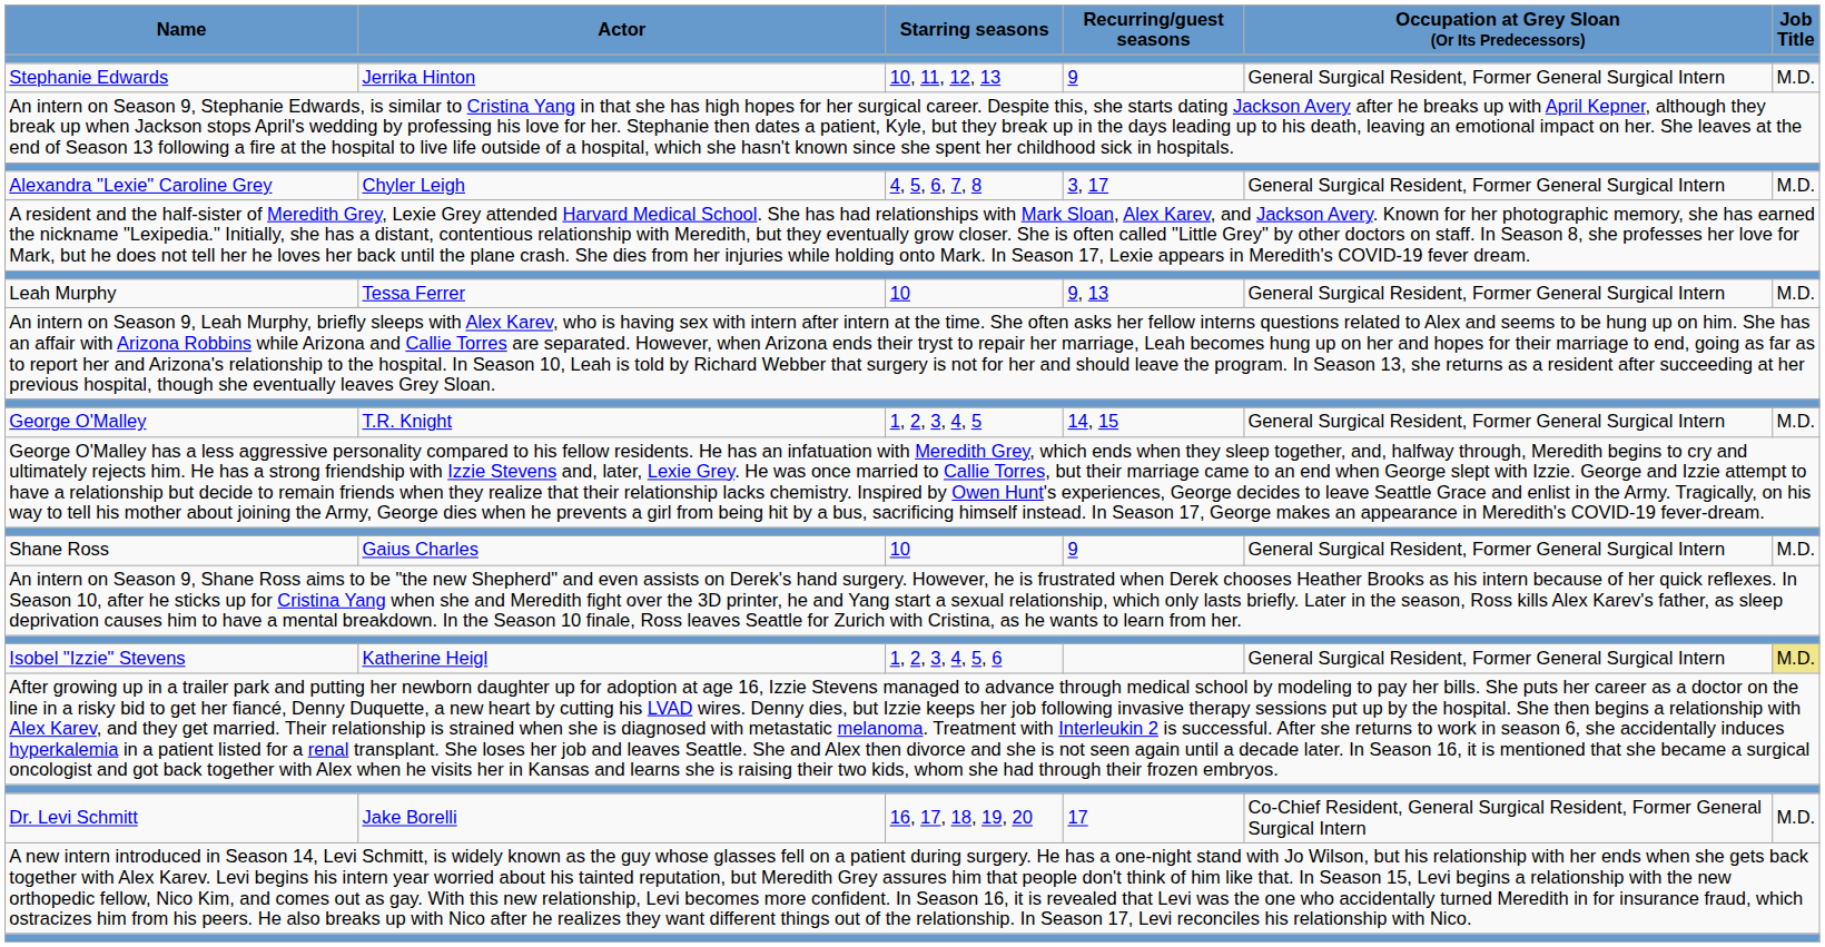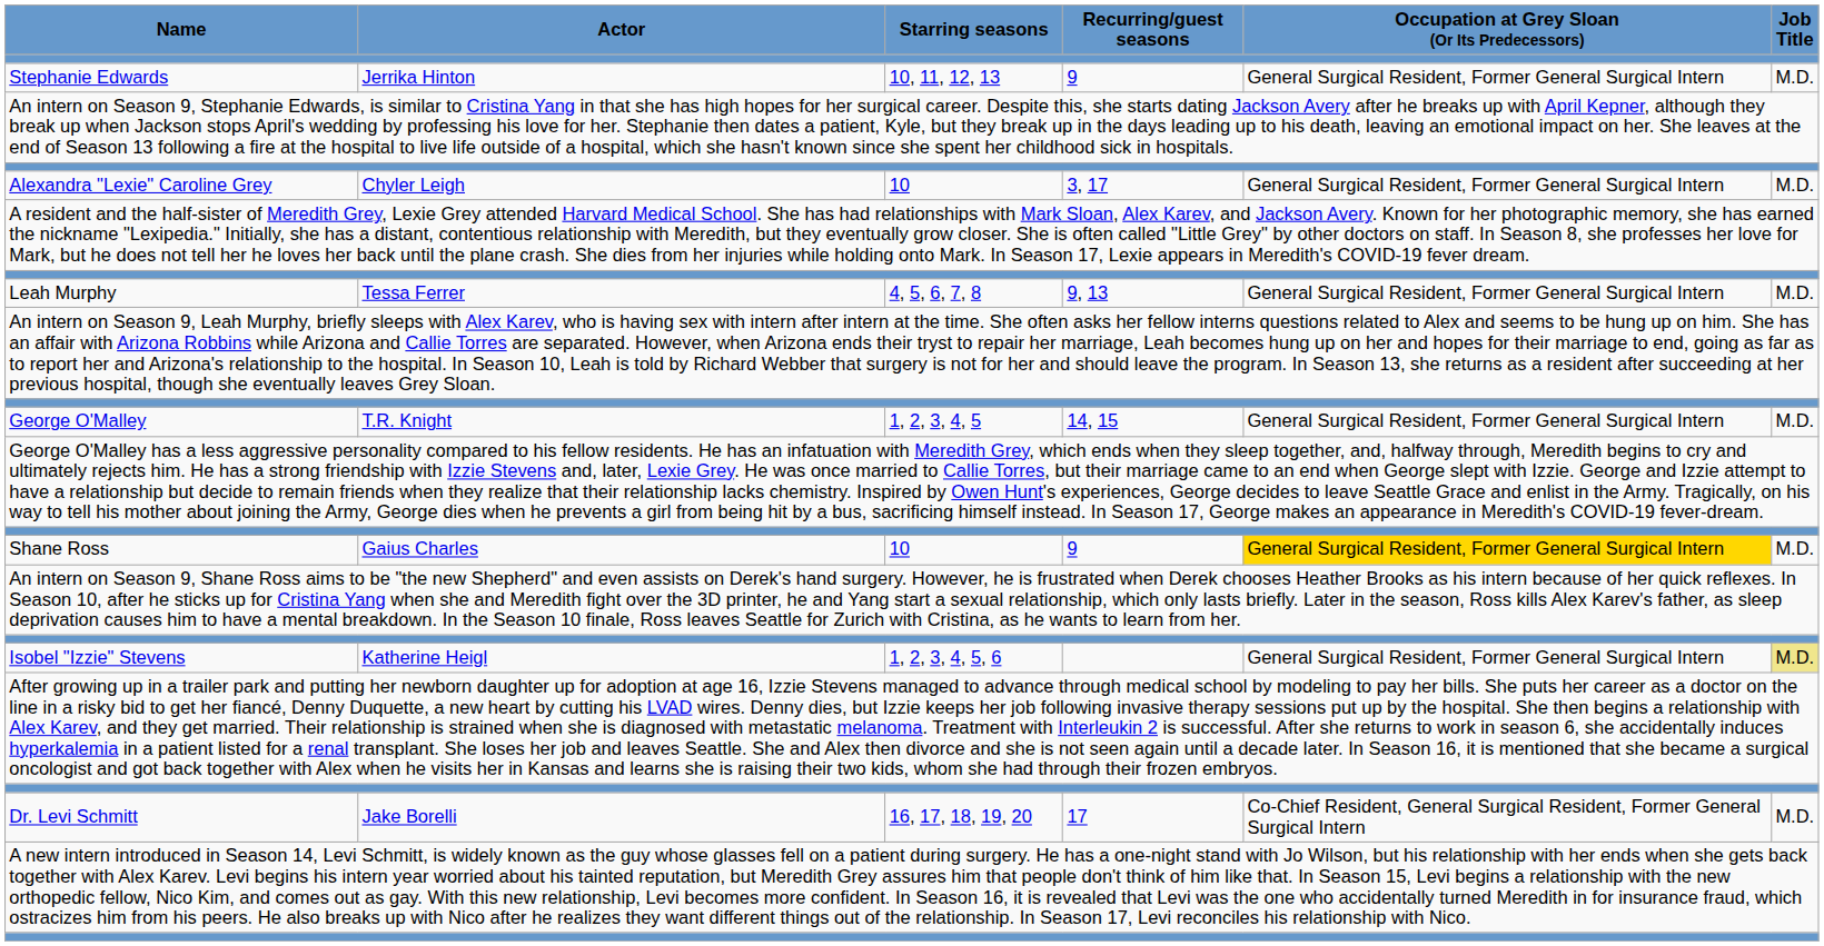 <table class="wikitable" style="width:100%; margin-right:auto;">
 <tr>
 <th style="background-color:#6699CC; width:20%">Name</th>
 <th style="background-color:#6699CC; width:30%">Actor</th>
 <th style="background-color:#6699CC; width:10%">Starring seasons</th>
 <th style="background-color:#6699CC; width:10%">Recurring/guest seasons</th>
 <th style="background-color:#6699CC; width:30%">Occupation at Grey Sloan<br><small>(Or Its Predecessors)</small></th>
 <th style="background-color:#6699CC; width:30%">Job Title</th>
 </tr>
 <tr>
 <td colspan="7" bgcolor="#6699CC"></td>
 </tr>
 <tr>
 <td><a href='#'>Stephanie Edwards</a></td>
 <td><a href='#'>Jerrika Hinton</a></td>
 <td><a href='#'>10</a>, <a href='#'>11</a>, <a href='#'>12</a>, <a href='#'>13</a></td>
 <td><a href='#'>9</a></td>
 <td>General Surgical Resident, Former General Surgical Intern</td>
 <td>M.D.</td>
 </tr>
 <tr>
 <td colspan="7">An intern on Season 9, Stephanie Edwards, is similar to <a href='#'>Cristina Yang</a> in that she has high hopes for her surgical career. Despite this, she starts dating <a href='#'>Jackson Avery</a> after he breaks up with <a href='#'>April Kepner</a>, although they break up when Jackson stops April's wedding by professing his love for her. Stephanie then dates a patient, Kyle, but they break up in the days leading up to his death, leaving an emotional impact on her. She leaves at the end of Season 13 following a fire at the hospital to live life outside of a hospital, which she hasn't known since she spent her childhood sick in hospitals.</td>
 </tr>
 <tr>
 <td colspan="7" bgcolor="#6699CC"></td>
 </tr>
 <tr>
 <td><a href='#'>Alexandra "Lexie" Caroline Grey</a></td>
 <td><a href='#'>Chyler Leigh</a></td>
-<td><a href='#'>4</a>, <a href='#'>5</a>, <a href='#'>6</a>, <a href='#'>7</a>, <a href='#'>8</a></td>
+<td><a href='#'>10</a></td>
 <td><a href='#'>3</a>, <a href='#'>17</a></td>
 <td>General Surgical Resident, Former General Surgical Intern</td>
 <td>M.D.</td>
 </tr>
 <tr>
 <td colspan="7">A resident and the half-sister of <a href='#'>Meredith Grey</a>, Lexie Grey attended <a href='#'>Harvard Medical School</a>. She has had relationships with <a href='#'>Mark Sloan</a>, <a href='#'>Alex Karev</a>, and <a href='#'>Jackson Avery</a>. Known for her photographic memory, she has earned the nickname "Lexipedia." Initially, she has a distant, contentious relationship with Meredith, but they eventually grow closer. She is often called "Little Grey" by other doctors on staff. In Season 8, she professes her love for Mark, but he does not tell her he loves her back until the plane crash. She dies from her injuries while holding onto Mark. In Season 17, Lexie appears in Meredith's COVID-19 fever dream.</td>
 </tr>
 <tr>
 <td colspan="7" bgcolor="#6699CC"></td>
 </tr>
 <tr>
 <td>Leah Murphy</td>
 <td><a href='#'>Tessa Ferrer</a></td>
-<td><a href='#'>10</a></td>
+<td><a href='#'>4</a>, <a href='#'>5</a>, <a href='#'>6</a>, <a href='#'>7</a>, <a href='#'>8</a></td>
 <td><a href='#'>9</a>, <a href='#'>13</a></td>
 <td>General Surgical Resident, Former General Surgical Intern</td>
 <td>M.D.</td>
 </tr>
 <tr>
 <td colspan="7">An intern on Season 9, Leah Murphy, briefly sleeps with <a href='#'>Alex Karev</a>, who is having sex with intern after intern at the time. She often asks her fellow interns questions related to Alex and seems to be hung up on him. She has an affair with <a href='#'>Arizona Robbins</a> while Arizona and <a href='#'>Callie Torres</a> are separated. However, when Arizona ends their tryst to repair her marriage, Leah becomes hung up on her and hopes for their marriage to end, going as far as to report her and Arizona's relationship to the hospital. In Season 10, Leah is told by Richard Webber that surgery is not for her and should leave the program. In Season 13, she returns as a resident after succeeding at her previous hospital, though she eventually leaves Grey Sloan.</td>
 </tr>
 <tr>
 <td colspan="7" bgcolor="#6699CC"></td>
 </tr>
 <tr>
 <td><a href='#'>George O'Malley</a></td>
 <td><a href='#'>T.R. Knight</a></td>
 <td><a href='#'>1</a>, <a href='#'>2</a>, <a href='#'>3</a>, <a href='#'>4</a>, <a href='#'>5</a></td>
 <td><a href='#'>14</a>, <a href='#'>15</a></td>
 <td>General Surgical Resident, Former General Surgical Intern</td>
 <td>M.D.</td>
 </tr>
 <tr>
 <td colspan="7">George O'Malley has a less aggressive personality compared to his fellow residents. He has an infatuation with <a href='#'>Meredith Grey</a>, which ends when they sleep together, and, halfway through, Meredith begins to cry and ultimately rejects him. He has a strong friendship with <a href='#'>Izzie Stevens</a> and, later, <a href='#'>Lexie Grey</a>. He was once married to <a href='#'>Callie Torres</a>, but their marriage came to an end when George slept with Izzie. George and Izzie attempt to have a relationship but decide to remain friends when they realize that their relationship lacks chemistry. Inspired by <a href='#'>Owen Hunt</a>'s experiences, George decides to leave Seattle Grace and enlist in the Army. Tragically, on his way to tell his mother about joining the Army, George dies when he prevents a girl from being hit by a bus, sacrificing himself instead. In Season 17, George makes an appearance in Meredith's COVID-19 fever-dream.</td>
 </tr>
 <tr>
 <td colspan="7" bgcolor="#6699CC"></td>
 </tr>
 <tr>
 <td>Shane Ross</td>
 <td><a href='#'>Gaius Charles</a></td>
 <td><a href='#'>10</a></td>
 <td><a href='#'>9</a></td>
-<td>General Surgical Resident, Former General Surgical Intern</td>
+<td style="background: gold;">General Surgical Resident, Former General Surgical Intern</td>
 <td>M.D.</td>
 </tr>
 <tr>
 <td colspan="7">An intern on Season 9, Shane Ross aims to be "the new Shepherd" and even assists on Derek's hand surgery. However, he is frustrated when Derek chooses Heather Brooks as his intern because of her quick reflexes. In Season 10, after he sticks up for <a href='#'>Cristina Yang</a> when she and Meredith fight over the 3D printer, he and Yang start a sexual relationship, which only lasts briefly. Later in the season, Ross kills Alex Karev's father, as sleep deprivation causes him to have a mental breakdown. In the Season 10 finale, Ross leaves Seattle for Zurich with Cristina, as he wants to learn from her.</td>
 </tr>
 <tr>
 <td colspan="7" bgcolor ="#6699CC"></td>
 </tr>
 <tr>
 <td><a href='#'>Isobel "Izzie" Stevens</a></td>
 <td><a href='#'>Katherine Heigl</a></td>
 <td><a href='#'>1</a>, <a href='#'>2</a>, <a href='#'>3</a>, <a href='#'>4</a>, <a href='#'>5</a>, <a href='#'>6</a></td>
 <td></td>
 <td>General Surgical Resident, Former General Surgical Intern</td>
 <td style="background: khaki;">M.D.</td>
 </tr>
 <tr>
 <td colspan="7">After growing up in a trailer park and putting her newborn daughter up for adoption at age 16, Izzie Stevens managed to advance through medical school by modeling to pay her bills. She puts her career as a doctor on the line in a risky bid to get her fiancé, Denny Duquette, a new heart by cutting his <a href='#'>LVAD</a> wires. Denny dies, but Izzie keeps her job following invasive therapy sessions put up by the hospital. She then begins a relationship with <a href='#'>Alex Karev</a>, and they get married. Their relationship is strained when she is diagnosed with metastatic <a href='#'>melanoma</a>. Treatment with <a href='#'>Interleukin 2</a> is successful. After she returns to work in season 6, she accidentally induces <a href='#'>hyperkalemia</a> in a patient listed for a <a href='#'>renal</a> transplant. She loses her job and leaves Seattle. She and Alex then divorce and she is not seen again until a decade later. In Season 16, it is mentioned that she became a surgical oncologist and got back together with Alex when he visits her in Kansas and learns she is raising their two kids, whom she had through their frozen embryos.</td>
 </tr>
 <tr>
 <td colspan="7" bgcolor="#6699CC"></td>
 </tr>
 <tr>
 <td><a href='#'>Dr. Levi Schmitt</a></td>
 <td><a href='#'>Jake Borelli</a></td>
 <td><a href='#'>16</a>, <a href='#'>17</a>, <a href='#'>18</a>, <a href='#'>19</a>, <a href='#'>20</a></td>
 <td><a href='#'>17</a></td>
 <td>Co-Chief Resident, General Surgical Resident, Former General Surgical Intern</td>
 <td>M.D.</td>
 </tr>
 <tr>
 <td colspan="6">A new intern introduced in Season 14, Levi Schmitt, is widely known as the guy whose glasses fell on a patient during surgery. He has a one-night stand with Jo Wilson, but his relationship with her ends when she gets back together with Alex Karev. Levi begins his intern year worried about his tainted reputation, but Meredith Grey assures him that people don't think of him like that. In Season 15, Levi begins a relationship with the new orthopedic fellow, Nico Kim, and comes out as gay. With this new relationship, Levi becomes more confident. In Season 16, it is revealed that Levi was the one who accidentally turned Meredith in for insurance fraud, which ostracizes him from his peers. He also breaks up with Nico after he realizes they want different things out of the relationship. In Season 17, Levi reconciles his relationship with Nico.</td>
 </tr>
 <tr>
 <td colspan="7" bgcolor="#6699CC"></td>
 </tr>
 <tr>
 </tr>
 </table>
